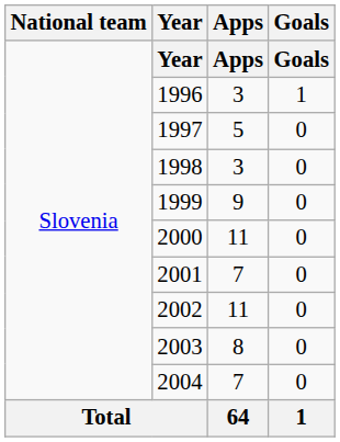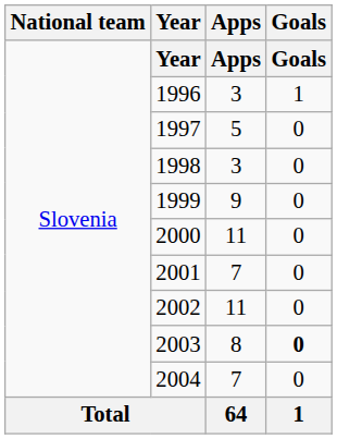 <table class="wikitable" style="text-align:center">
 <tr>
 <th>National team</th>
 <th>Year</th>
 <th>Apps</th>
 <th>Goals</th>
 </tr>
 <tr>
 <td rowspan="10"><a href='#'>Slovenia</a></td>
 <th>Year</th>
 <th>Apps</th>
 <th>Goals</th>
 </tr>
 <tr>
 <td>1996</td>
 <td>3</td>
 <td>1</td>
 </tr>
 <tr>
 <td>1997</td>
 <td>5</td>
 <td>0</td>
 </tr>
 <tr>
 <td>1998</td>
 <td>3</td>
 <td>0</td>
 </tr>
 <tr>
 <td>1999</td>
 <td>9</td>
 <td>0</td>
 </tr>
 <tr>
 <td>2000</td>
 <td>11</td>
 <td>0</td>
 </tr>
 <tr>
 <td>2001</td>
 <td>7</td>
 <td>0</td>
 </tr>
 <tr>
 <td>2002</td>
 <td>11</td>
 <td>0</td>
 </tr>
 <tr>
 <td>2003</td>
 <td>8</td>
-<td>0</td>
+<td><strong>0</strong></td>
 </tr>
 <tr>
 <td>2004</td>
 <td>7</td>
 <td>0</td>
 </tr>
 <tr>
 <th colspan="2">Total</th>
 <th>64</th>
 <th>1</th>
 </tr>
 </table>
